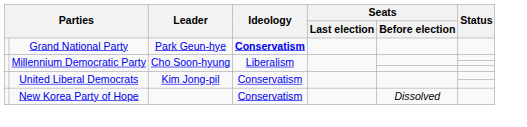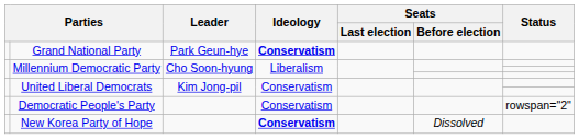 <table class="wikitable" style="text-align:center">
 <tr>
 <th colspan="2" rowspan="2">Parties</th>
 <th rowspan="2">Leader</th>
 <th rowspan="2">Ideology</th>
 <th colspan="2">Seats</th>
 <th rowspan="2">Status</th>
 </tr>
 <tr>
 <th>Last election</th>
 <th>Before election</th>
 </tr>
 <tr>
 <td style="background:"></td>
 <td><a href='#'>Grand National Party</a></td>
 <td><a href='#'>Park Geun-hye</a></td>
 <td><strong><a href='#'>Conservatism</a></strong></td>
 <td></td>
 <td></td>
 <td></td>
 </tr>
 <tr>
 <td rowspan="3" style="background:"></td>
 <td rowspan="3"><a href='#'>Millennium Democratic Party</a></td>
 <td rowspan="3"><a href='#'>Cho Soon-hyung</a></td>
 <td rowspan="3"><a href='#'>Liberalism</a></td>
 <td rowspan="3"></td>
 <td rowspan="2"></td>
 <td></td>
 </tr>
 <tr>
 <td></td>
 </tr>
 <tr>
 <td></td>
 <td></td>
 </tr>
 <tr>
 <td rowspan="2" style="background:"></td>
 <td rowspan="2"><a href='#'>United Liberal Democrats</a></td>
 <td rowspan="2"><a href='#'>Kim Jong-pil</a></td>
 <td rowspan="2"><a href='#'>Conservatism</a></td>
 <td rowspan="2"></td>
 <td rowspan="2"></td>
 <td></td>
 </tr>
 <tr>
 <td></td>
 </tr>
 <tr>
 <td style="background:"></td>
+<td><a href='#'>Democratic People's Party</a></td>
+<td></td>
+<td><a href='#'>Conservatism</a></td>
+<td></td>
+<td></td>
+<td>rowspan="2" </td>
+</tr>
+<tr>
+<td style="background:"></td>
 <td><a href='#'>New Korea Party of Hope</a></td>
 <td></td>
-<td><a href='#'>Conservatism</a></td>
+<td><strong><a href='#'>Conservatism</a></strong></td>
 <td></td>
 <td><em>Dissolved</em></td>
 </tr>
 </table>
